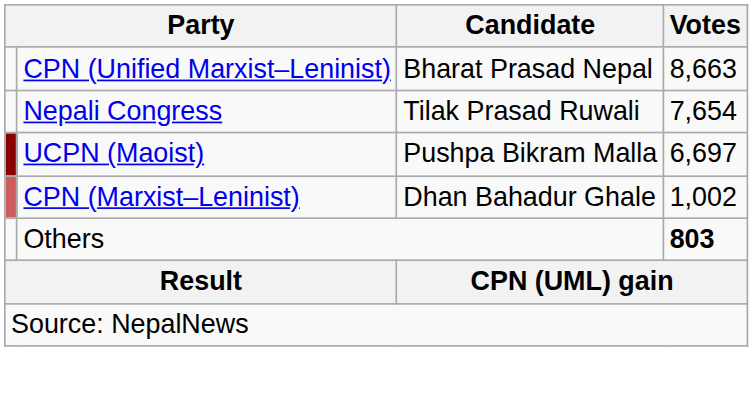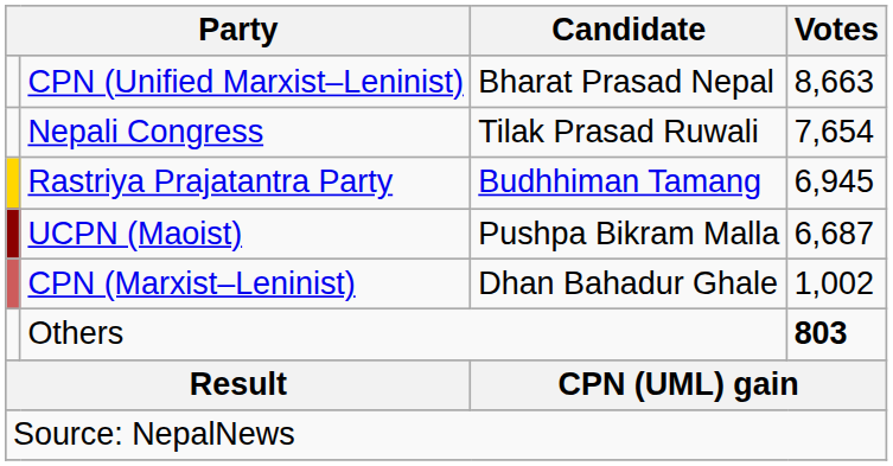 <table class="wikitable">
 <tr>
 <th colspan="2">Party</th>
 <th>Candidate</th>
 <th>Votes</th>
 </tr>
 <tr>
 <td style="background-color:"></td>
 <td><a href='#'>CPN (Unified Marxist–Leninist)</a></td>
 <td>Bharat Prasad Nepal</td>
 <td>8,663</td>
 </tr>
 <tr>
 <td style="background-color:"></td>
 <td><a href='#'>Nepali Congress</a></td>
 <td>Tilak Prasad Ruwali</td>
 <td>7,654</td>
 </tr>
 <tr>
+<td style="background-color:gold"></td>
+<td><a href='#'>Rastriya Prajatantra Party</a></td>
+<td><a href='#'>Budhhiman Tamang</a></td>
+<td>6,945</td>
+</tr>
+<tr>
 <td style="background-color:darkred"></td>
 <td><a href='#'>UCPN (Maoist)</a></td>
 <td>Pushpa Bikram Malla</td>
-<td>6,697</td>
+<td>6,687</td>
 </tr>
 <tr>
 <td style="background-color:indianred"></td>
 <td><a href='#'>CPN (Marxist–Leninist)</a></td>
 <td>Dhan Bahadur Ghale</td>
 <td>1,002</td>
 </tr>
 <tr>
 <td></td>
 <td colspan="2">Others</td>
 <td><strong>803</strong></td>
 </tr>
 <tr>
 <th colspan="2">Result</th>
 <th colspan="2">CPN (UML) gain</th>
 </tr>
 <tr>
 <td colspan="4">Source: NepalNews</td>
 </tr>
 </table>
